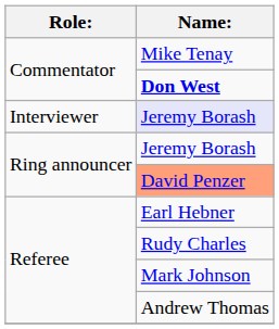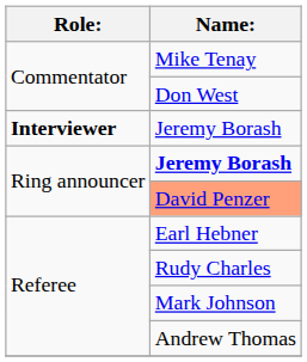 <table class=wikitable style="font-size:90%; margin: 0.5em 0 0.5em 1em; float: right; clear: right;">
 <tr>
 <th>Role:</th>
 <th>Name:</th>
 </tr>
 <tr>
 <td rowspan="2">Commentator</td>
 <td><a href='#'>Mike Tenay</a></td>
 </tr>
 <tr>
-<td><strong><a href='#'>Don West</a></strong></td>
+<td><a href='#'>Don West</a></td>
 </tr>
 <tr>
-<td>Interviewer</td>
-<td style="background: lavender;"><a href='#'>Jeremy Borash</a></td>
+<td><strong>Interviewer</strong></td>
+<td><a href='#'>Jeremy Borash</a></td>
 </tr>
 <tr>
 <td rowspan="2">Ring announcer</td>
-<td><a href='#'>Jeremy Borash</a></td>
+<td><strong><a href='#'>Jeremy Borash</a></strong></td>
 </tr>
 <tr>
 <td style="background: lightsalmon;"><a href='#'>David Penzer</a></td>
 </tr>
 <tr>
 <td rowspan="4">Referee</td>
 <td><a href='#'>Earl Hebner</a></td>
 </tr>
 <tr>
 <td><a href='#'>Rudy Charles</a></td>
 </tr>
 <tr>
 <td><a href='#'>Mark Johnson</a></td>
 </tr>
 <tr>
 <td>Andrew Thomas</td>
 </tr>
 <tr>
 </tr>
 </table>
